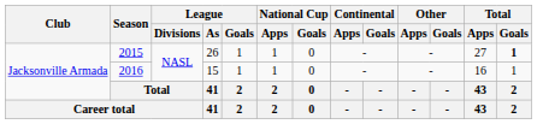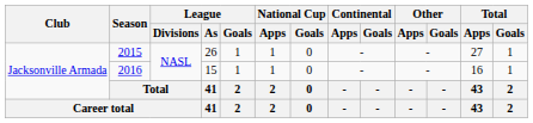 <table class="wikitable" style="text-align: center;">
 <tr>
 <th rowspan="2">Club</th>
 <th rowspan="2">Season</th>
 <th colspan="3">League</th>
 <th colspan="2">National Cup</th>
 <th colspan="2">Continental</th>
 <th colspan="2">Other</th>
 <th colspan="2">Total</th>
 </tr>
 <tr>
 <th>Divisions</th>
 <th>As</th>
 <th>Goals</th>
 <th>Apps</th>
 <th>Goals</th>
 <th>Apps</th>
 <th>Goals</th>
 <th>Apps</th>
 <th>Goals</th>
 <th>Apps</th>
 <th>Goals</th>
 </tr>
 <tr>
 <td rowspan="3" valign="center"><a href='#'>Jacksonville Armada</a></td>
 <td><a href='#'>2015</a></td>
 <td rowspan="2" valign="center"><a href='#'>NASL</a></td>
 <td>26</td>
 <td>1</td>
 <td>1</td>
 <td>0</td>
 <td colspan="2">-</td>
 <td colspan="2">-</td>
 <td>27</td>
-<td><strong>1</strong></td>
+<td>1</td>
 </tr>
 <tr>
 <td><a href='#'>2016</a></td>
 <td>15</td>
 <td>1</td>
 <td>1</td>
 <td>0</td>
 <td colspan="2">-</td>
 <td colspan="2">-</td>
 <td>16</td>
 <td>1</td>
 </tr>
 <tr>
 <th colspan="2">Total</th>
 <th>41</th>
 <th>2</th>
 <th>2</th>
 <th>0</th>
 <th>-</th>
 <th>-</th>
 <th>-</th>
 <th>-</th>
 <th>43</th>
 <th>2</th>
 </tr>
 <tr>
 <th colspan="3">Career total</th>
 <th>41</th>
 <th>2</th>
 <th>2</th>
 <th>0</th>
 <th>-</th>
 <th>-</th>
 <th>-</th>
 <th>-</th>
 <th>43</th>
 <th>2</th>
 </tr>
 </table>
